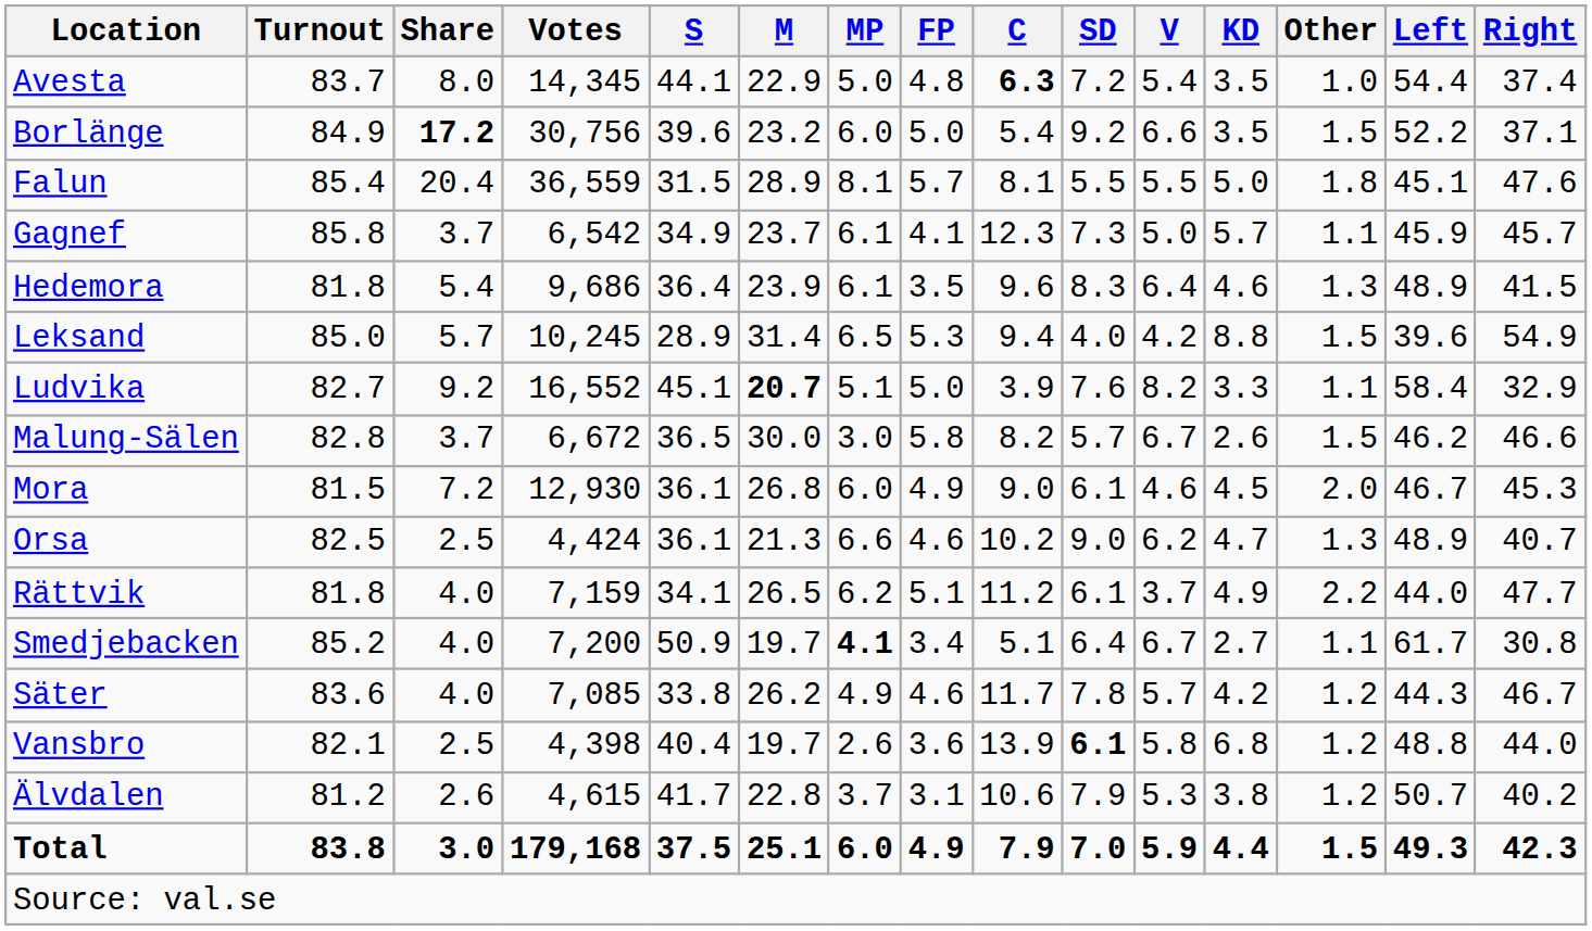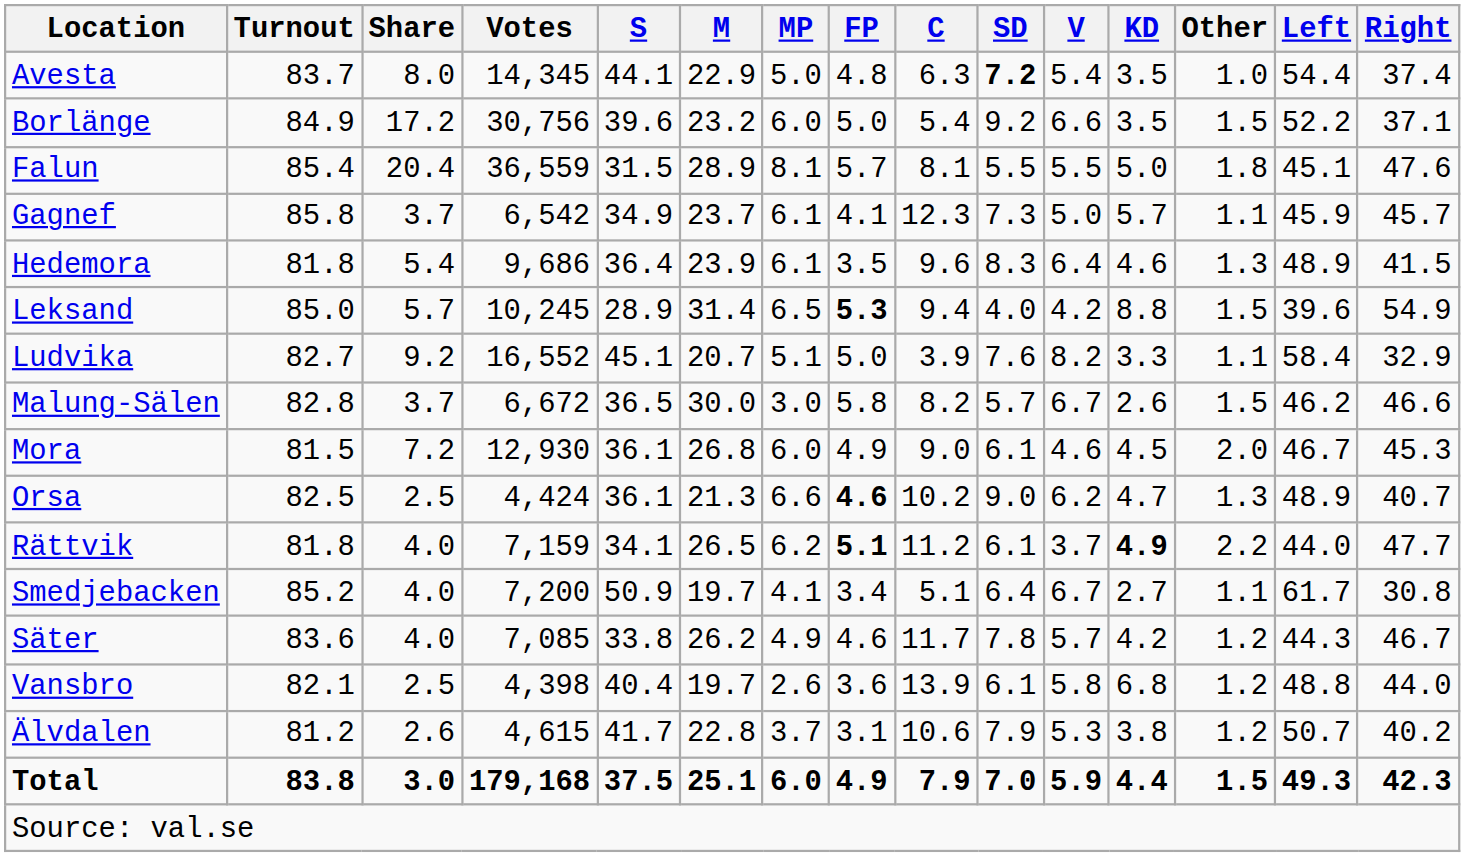 <table class="wikitable sortable" style=text-align:right>
 <tr>
 <th>Location</th>
 <th>Turnout</th>
 <th>Share</th>
 <th>Votes</th>
 <th><a href='#'>S</a></th>
 <th><a href='#'>M</a></th>
 <th><a href='#'>MP</a></th>
 <th><a href='#'>FP</a></th>
 <th><a href='#'>C</a></th>
 <th><a href='#'>SD</a></th>
 <th><a href='#'>V</a></th>
 <th><a href='#'>KD</a></th>
 <th>Other</th>
 <th><a href='#'>Left</a></th>
 <th><a href='#'>Right</a></th>
 </tr>
 <tr>
 <td align=left><a href='#'>Avesta</a></td>
 <td>83.7</td>
 <td>8.0</td>
 <td>14,345</td>
 <td>44.1</td>
 <td>22.9</td>
 <td>5.0</td>
 <td>4.8</td>
-<td><strong>6.3</strong></td>
-<td>7.2</td>
+<td>6.3</td>
+<td><strong>7.2</strong></td>
 <td>5.4</td>
 <td>3.5</td>
 <td>1.0</td>
 <td>54.4</td>
 <td>37.4</td>
 </tr>
 <tr>
 <td align=left><a href='#'>Borlänge</a></td>
 <td>84.9</td>
-<td><strong>17.2</strong></td>
+<td>17.2</td>
 <td>30,756</td>
 <td>39.6</td>
 <td>23.2</td>
 <td>6.0</td>
 <td>5.0</td>
 <td>5.4</td>
 <td>9.2</td>
 <td>6.6</td>
 <td>3.5</td>
 <td>1.5</td>
 <td>52.2</td>
 <td>37.1</td>
 </tr>
 <tr>
 <td align=left><a href='#'>Falun</a></td>
 <td>85.4</td>
 <td>20.4</td>
 <td>36,559</td>
 <td>31.5</td>
 <td>28.9</td>
 <td>8.1</td>
 <td>5.7</td>
 <td>8.1</td>
 <td>5.5</td>
 <td>5.5</td>
 <td>5.0</td>
 <td>1.8</td>
 <td>45.1</td>
 <td>47.6</td>
 </tr>
 <tr>
 <td align=left><a href='#'>Gagnef</a></td>
 <td>85.8</td>
 <td>3.7</td>
 <td>6,542</td>
 <td>34.9</td>
 <td>23.7</td>
 <td>6.1</td>
 <td>4.1</td>
 <td>12.3</td>
 <td>7.3</td>
 <td>5.0</td>
 <td>5.7</td>
 <td>1.1</td>
 <td>45.9</td>
 <td>45.7</td>
 </tr>
 <tr>
 <td align=left><a href='#'>Hedemora</a></td>
 <td>81.8</td>
 <td>5.4</td>
 <td>9,686</td>
 <td>36.4</td>
 <td>23.9</td>
 <td>6.1</td>
 <td>3.5</td>
 <td>9.6</td>
 <td>8.3</td>
 <td>6.4</td>
 <td>4.6</td>
 <td>1.3</td>
 <td>48.9</td>
 <td>41.5</td>
 </tr>
 <tr>
 <td align=left><a href='#'>Leksand</a></td>
 <td>85.0</td>
 <td>5.7</td>
 <td>10,245</td>
 <td>28.9</td>
 <td>31.4</td>
 <td>6.5</td>
-<td>5.3</td>
+<td><strong>5.3</strong></td>
 <td>9.4</td>
 <td>4.0</td>
 <td>4.2</td>
 <td>8.8</td>
 <td>1.5</td>
 <td>39.6</td>
 <td>54.9</td>
 </tr>
 <tr>
 <td align=left><a href='#'>Ludvika</a></td>
 <td>82.7</td>
 <td>9.2</td>
 <td>16,552</td>
 <td>45.1</td>
-<td><strong>20.7</strong></td>
+<td>20.7</td>
 <td>5.1</td>
 <td>5.0</td>
 <td>3.9</td>
 <td>7.6</td>
 <td>8.2</td>
 <td>3.3</td>
 <td>1.1</td>
 <td>58.4</td>
 <td>32.9</td>
 </tr>
 <tr>
 <td align=left><a href='#'>Malung-Sälen</a></td>
 <td>82.8</td>
 <td>3.7</td>
 <td>6,672</td>
 <td>36.5</td>
 <td>30.0</td>
 <td>3.0</td>
 <td>5.8</td>
 <td>8.2</td>
 <td>5.7</td>
 <td>6.7</td>
 <td>2.6</td>
 <td>1.5</td>
 <td>46.2</td>
 <td>46.6</td>
 </tr>
 <tr>
 <td align=left><a href='#'>Mora</a></td>
 <td>81.5</td>
 <td>7.2</td>
 <td>12,930</td>
 <td>36.1</td>
 <td>26.8</td>
 <td>6.0</td>
 <td>4.9</td>
 <td>9.0</td>
 <td>6.1</td>
 <td>4.6</td>
 <td>4.5</td>
 <td>2.0</td>
 <td>46.7</td>
 <td>45.3</td>
 </tr>
 <tr>
 <td align=left><a href='#'>Orsa</a></td>
 <td>82.5</td>
 <td>2.5</td>
 <td>4,424</td>
 <td>36.1</td>
 <td>21.3</td>
 <td>6.6</td>
-<td>4.6</td>
+<td><strong>4.6</strong></td>
 <td>10.2</td>
 <td>9.0</td>
 <td>6.2</td>
 <td>4.7</td>
 <td>1.3</td>
 <td>48.9</td>
 <td>40.7</td>
 </tr>
 <tr>
 <td align=left><a href='#'>Rättvik</a></td>
 <td>81.8</td>
 <td>4.0</td>
 <td>7,159</td>
 <td>34.1</td>
 <td>26.5</td>
 <td>6.2</td>
-<td>5.1</td>
+<td><strong>5.1</strong></td>
 <td>11.2</td>
 <td>6.1</td>
 <td>3.7</td>
-<td>4.9</td>
+<td><strong>4.9</strong></td>
 <td>2.2</td>
 <td>44.0</td>
 <td>47.7</td>
 </tr>
 <tr>
 <td align=left><a href='#'>Smedjebacken</a></td>
 <td>85.2</td>
 <td>4.0</td>
 <td>7,200</td>
 <td>50.9</td>
 <td>19.7</td>
-<td><strong>4.1</strong></td>
+<td>4.1</td>
 <td>3.4</td>
 <td>5.1</td>
 <td>6.4</td>
 <td>6.7</td>
 <td>2.7</td>
 <td>1.1</td>
 <td>61.7</td>
 <td>30.8</td>
 </tr>
 <tr>
 <td align=left><a href='#'>Säter</a></td>
 <td>83.6</td>
 <td>4.0</td>
 <td>7,085</td>
 <td>33.8</td>
 <td>26.2</td>
 <td>4.9</td>
 <td>4.6</td>
 <td>11.7</td>
 <td>7.8</td>
 <td>5.7</td>
 <td>4.2</td>
 <td>1.2</td>
 <td>44.3</td>
 <td>46.7</td>
 </tr>
 <tr>
 <td align=left><a href='#'>Vansbro</a></td>
 <td>82.1</td>
 <td>2.5</td>
 <td>4,398</td>
 <td>40.4</td>
 <td>19.7</td>
 <td>2.6</td>
 <td>3.6</td>
 <td>13.9</td>
-<td><strong>6.1</strong></td>
+<td>6.1</td>
 <td>5.8</td>
 <td>6.8</td>
 <td>1.2</td>
 <td>48.8</td>
 <td>44.0</td>
 </tr>
 <tr>
 <td align=left><a href='#'>Älvdalen</a></td>
 <td>81.2</td>
 <td>2.6</td>
 <td>4,615</td>
 <td>41.7</td>
 <td>22.8</td>
 <td>3.7</td>
 <td>3.1</td>
 <td>10.6</td>
 <td>7.9</td>
 <td>5.3</td>
 <td>3.8</td>
 <td>1.2</td>
 <td>50.7</td>
 <td>40.2</td>
 </tr>
 <tr>
 <td align=left><strong>Total</strong></td>
 <td><strong>83.8</strong></td>
 <td><strong>3.0</strong></td>
 <td><strong>179,168</strong></td>
 <td><strong>37.5</strong></td>
 <td><strong>25.1</strong></td>
 <td><strong>6.0</strong></td>
 <td><strong>4.9</strong></td>
 <td><strong>7.9</strong></td>
 <td><strong>7.0</strong></td>
 <td><strong>5.9</strong></td>
 <td><strong>4.4</strong></td>
 <td><strong>1.5</strong></td>
 <td><strong>49.3</strong></td>
 <td><strong>42.3</strong></td>
 </tr>
 <tr>
 <td align=left colspan=15>Source: val.se </td>
 </tr>
 </table>
